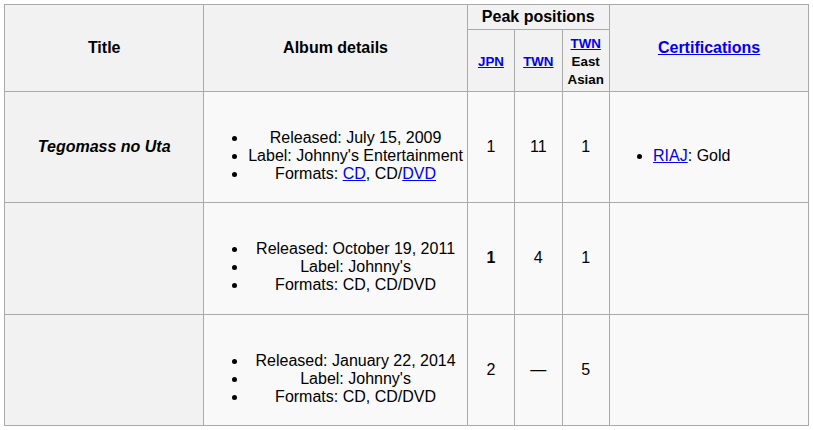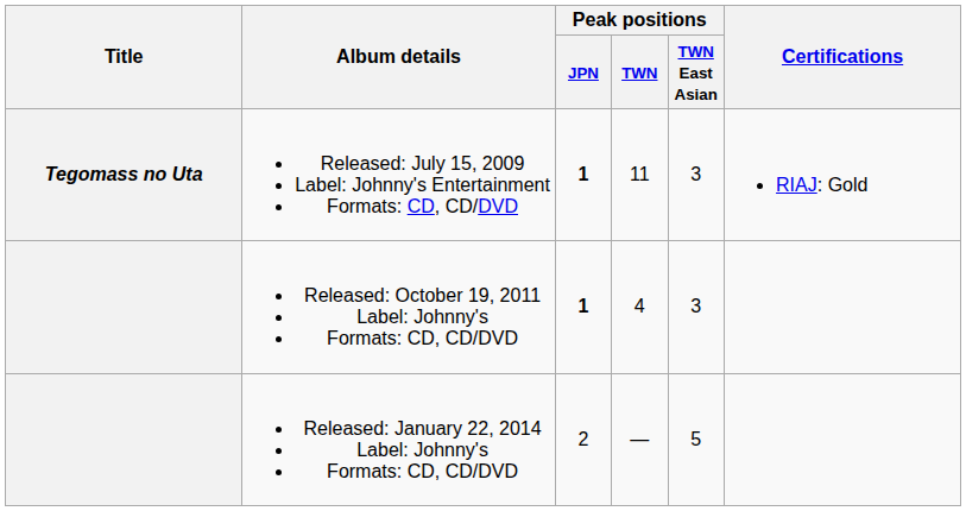 <table class="wikitable plainrowheaders" style="text-align:center;">
 <tr>
 <th style="width:12em;" rowspan="2">Title</th>
 <th style="width:16em;" rowspan="2">Album details</th>
 <th colspan="3">Peak positions</th>
 <th style="width:12em;" rowspan="2"><a href='#'>Certifications</a></th>
 </tr>
 <tr>
 <th style="width:2.5em;"><small><a href='#'>JPN</a></small><br></th>
 <th style="width:2.5em;"><small><a href='#'>TWN</a></small><br></th>
 <th style="width:2.5em;"><small><a href='#'>TWN</a> East Asian</small><br></th>
 </tr>
 <tr>
 <th scope="row"><em>Tegomass no Uta</em></th>
 <td><br><ul><li>Released: July 15, 2009</li><li>Label: Johnny's Entertainment</li><li>Formats: <a href='#'>CD</a>, CD/<a href='#'>DVD</a></li></ul></td>
-<td>1</td>
+<td><strong>1</strong></td>
 <td>11</td>
-<td>1</td>
+<td>3</td>
 <td align="left"><br><ul><li><a href='#'>RIAJ</a>: Gold</li></ul></td>
 </tr>
 <tr>
 <th scope="row"></th>
 <td><br><ul><li>Released: October 19, 2011</li><li>Label: Johnny's</li><li>Formats: CD, CD/DVD</li></ul></td>
 <td><strong>1</strong></td>
 <td>4</td>
-<td>1</td>
+<td>3</td>
 <td align="left"></td>
 </tr>
 <tr>
 <th scope="row"></th>
 <td><br><ul><li>Released: January 22, 2014</li><li>Label: Johnny's</li><li>Formats: CD, CD/DVD</li></ul></td>
 <td>2</td>
 <td>—</td>
 <td>5</td>
 <td align="left"></td>
 </tr>
 </table>
